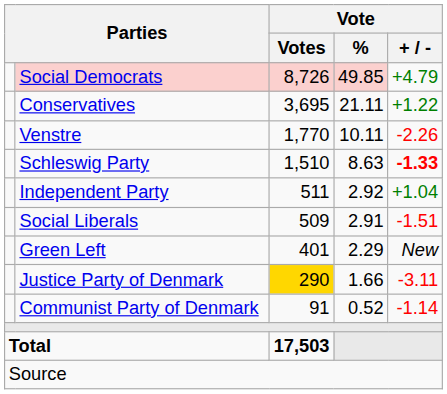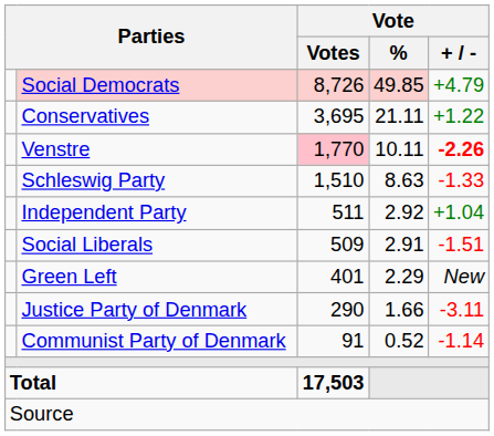 <table class="wikitable" style="text-align:right;">
 <tr>
 <th style="text-align:centre;" rowspan="2" colspan="2" width="225">Parties</th>
 <th colspan="3">Vote</th>
 </tr>
 <tr>
 <th width="15">Votes</th>
 <th width="15">%</th>
 <th width="15">+ / -</th>
 </tr>
 <tr>
 <td width="2" style="color:inherit;background:"></td>
 <td bgcolor=#fbd0ce  align="left"><a href='#'>Social Democrats</a></td>
 <td bgcolor=#fbd0ce>8,726</td>
 <td bgcolor=#fbd0ce>49.85</td>
 <td style=color:green;>+4.79</td>
 </tr>
 <tr>
 <td width="2" style="color:inherit;background:"></td>
 <td align="left"><a href='#'>Conservatives</a></td>
 <td>3,695</td>
 <td>21.11</td>
 <td style=color:green;>+1.22</td>
 </tr>
 <tr>
 <td width="2" style="color:inherit;background:"></td>
 <td align="left"><a href='#'>Venstre</a></td>
-<td>1,770</td>
+<td style="background: pink;">1,770</td>
 <td>10.11</td>
-<td style=color:red;>-2.26</td>
+<td style=color:red;><strong>-2.26</strong></td>
 </tr>
 <tr>
 <td width="2" style="color:inherit;background:"></td>
 <td align="left"><a href='#'>Schleswig Party</a></td>
 <td>1,510</td>
 <td>8.63</td>
-<td style=color:red;><strong>-1.33</strong></td>
+<td style=color:red;>-1.33</td>
 </tr>
 <tr>
 <td width="2" style="color:inherit;background:"></td>
 <td align="left"><a href='#'>Independent Party</a></td>
 <td>511</td>
 <td>2.92</td>
 <td style=color:green;>+1.04</td>
 </tr>
 <tr>
 <td width="2" style="color:inherit;background:"></td>
 <td align="left"><a href='#'>Social Liberals</a></td>
 <td>509</td>
 <td>2.91</td>
 <td style=color:red;>-1.51</td>
 </tr>
 <tr>
 <td width="2" style="color:inherit;background:"></td>
 <td align="left"><a href='#'>Green Left</a></td>
 <td>401</td>
 <td>2.29</td>
 <td><em>New</em></td>
 </tr>
 <tr>
 <td width="2" style="color:inherit;background:"></td>
 <td align="left"><a href='#'>Justice Party of Denmark</a></td>
-<td style="background: gold;">290</td>
+<td>290</td>
 <td>1.66</td>
 <td style=color:red;>-3.11</td>
 </tr>
 <tr>
 <td width="2" style="color:inherit;background:"></td>
 <td align="left"><a href='#'>Communist Party of Denmark</a></td>
 <td>91</td>
 <td>0.52</td>
 <td style=color:red;>-1.14</td>
 </tr>
 <tr>
 <td colspan="7" bgcolor="#E9E9E9"></td>
 </tr>
 <tr>
 <td align="left" colspan="2"><strong>Total</strong></td>
 <td><strong>17,503</strong></td>
 <td bgcolor="#E9E9E9" colspan="2"></td>
 </tr>
 <tr>
 <td align="left" colspan="6">Source</td>
 </tr>
 </table>
